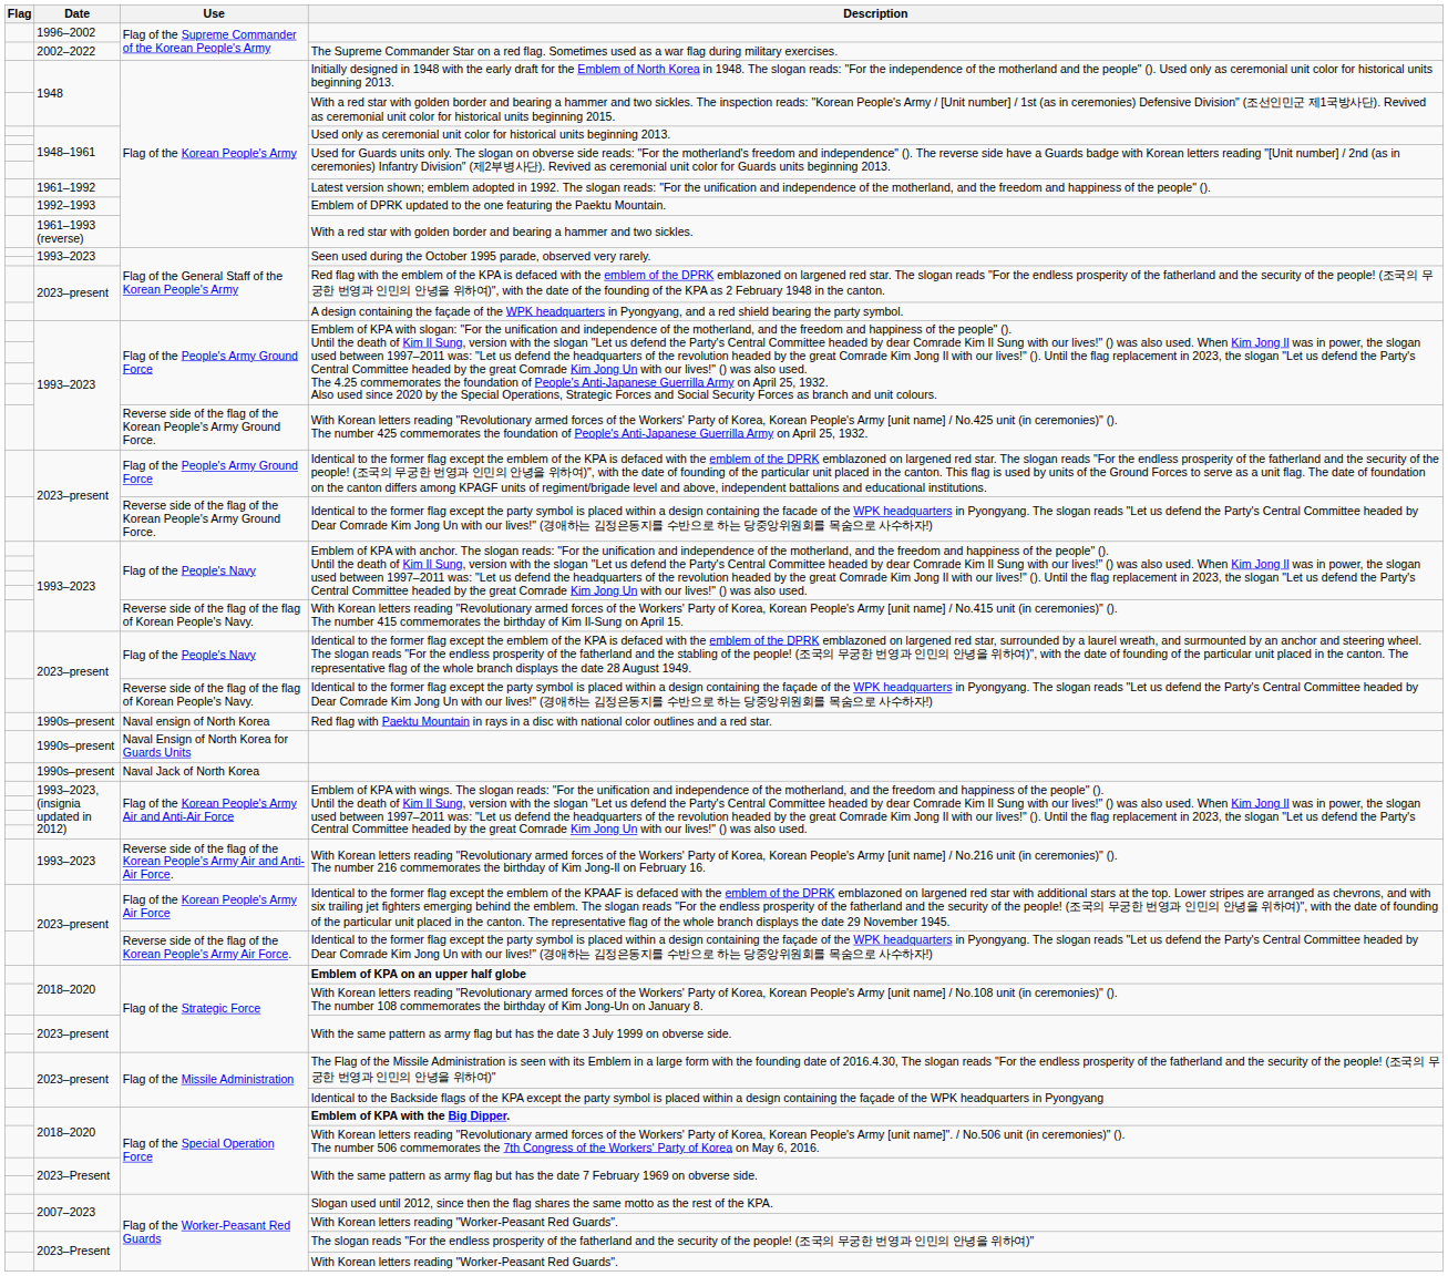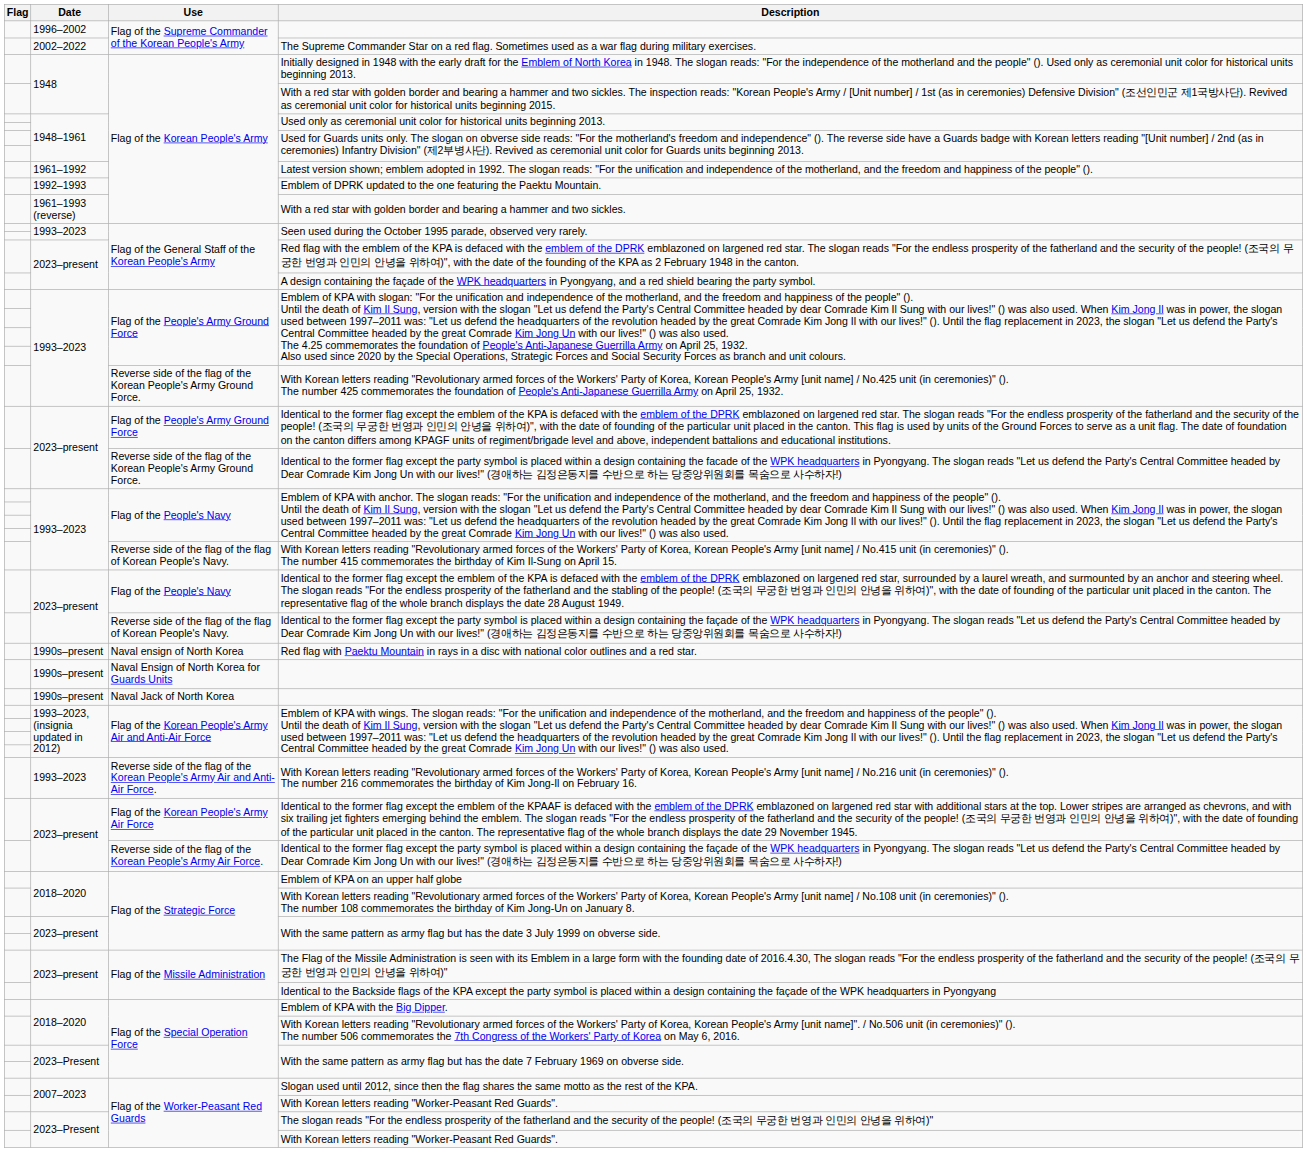 <table class="wikitable">
 <tr>
 <th>Flag</th>
 <th width="110px">Date</th>
 <th style="width:250px">Use</th>
 <th style="min-width:250px">Description</th>
 </tr>
 <tr>
 <td></td>
 <td>1996–2002</td>
 <td rowspan="2">Flag of the <a href='#'>Supreme Commander of the Korean People's Army</a></td>
 <td></td>
 </tr>
 <tr>
 <td></td>
 <td>2002–2022</td>
 <td>The Supreme Commander Star on a red flag. Sometimes used as a war flag during military exercises.</td>
 </tr>
 <tr>
 <td></td>
 <td rowspan="2">1948</td>
 <td rowspan="9">Flag of the <a href='#'>Korean People's Army</a></td>
 <td>Initially designed in 1948 with the early draft for the <a href='#'>Emblem of North Korea</a> in 1948. The slogan reads: "For the independence of the motherland and the people" (). Used only as ceremonial unit color for historical units beginning 2013.</td>
 </tr>
 <tr>
 <td></td>
 <td>With a red star with golden border and bearing a hammer and two sickles. The inspection reads: "Korean People's Army / [Unit number] / 1st (as in ceremonies) Defensive Division" (조선인민군 제1국방사단). Revived as ceremonial unit color for historical units beginning 2015.</td>
 </tr>
 <tr>
 <td></td>
 <td rowspan="4">1948–1961</td>
 <td rowspan="2">Used only as ceremonial unit color for historical units beginning 2013.</td>
 </tr>
 <tr>
 <td></td>
 </tr>
 <tr>
 <td></td>
 <td rowspan="2">Used for Guards units only. The slogan on obverse side reads: "For the motherland's freedom and independence" (). The reverse side have a Guards badge with Korean letters reading "[Unit number] / 2nd (as in ceremonies) Infantry Division" (제2부병사단). Revived as ceremonial unit color for Guards units beginning 2013.</td>
 </tr>
 <tr>
 <td></td>
 </tr>
 <tr>
 <td></td>
 <td>1961–1992</td>
 <td>Latest version shown; emblem adopted in 1992. The slogan reads: "For the unification and independence of the motherland, and the freedom and happiness of the people" ().</td>
 </tr>
 <tr>
 <td></td>
 <td>1992–1993</td>
 <td>Emblem of DPRK updated to the one featuring the Paektu Mountain.</td>
 </tr>
 <tr>
 <td></td>
 <td>1961–1993<br>(reverse)</td>
 <td>With a red star with golden border and bearing a hammer and two sickles.</td>
 </tr>
 <tr>
 <td></td>
 <td rowspan="2">1993–2023</td>
 <td rowspan="4">Flag of the General Staff of the <a href='#'>Korean People's Army</a></td>
 <td rowspan="2">Seen used during the October 1995 parade, observed very rarely.</td>
 </tr>
 <tr>
 <td></td>
 </tr>
 <tr>
 <td></td>
 <td rowspan="2">2023–present</td>
 <td>Red flag with the emblem of the KPA is defaced with the <a href='#'>emblem of the DPRK</a> emblazoned on largened red star. The slogan reads "For the endless prosperity of the fatherland and the security of the people! (조국의 무궁한 번영과 인민의 안녕을 위하여)", with the date of the founding of the KPA as 2 February 1948 in the canton.</td>
 </tr>
 <tr>
 <td></td>
 <td>A design containing the façade of the <a href='#'>WPK headquarters</a> in Pyongyang, and a red shield bearing the party symbol.</td>
 </tr>
 <tr>
 <td></td>
 <td rowspan="5">1993–2023</td>
 <td rowspan="4">Flag of the <a href='#'>People's Army Ground Force</a></td>
 <td rowspan="4">Emblem of KPA with slogan: "For the unification and independence of the motherland, and the freedom and happiness of the people" ().<br>Until the death of <a href='#'>Kim Il Sung</a>, version with the slogan "Let us defend the Party's Central Committee headed by dear Comrade Kim Il Sung with our lives!" () was also used. When <a href='#'>Kim Jong Il</a> was in power, the slogan used between 1997–2011 was: "Let us defend the headquarters of the revolution headed by the great Comrade Kim Jong Il with our lives!" (). Until the flag replacement in 2023, the slogan "Let us defend the Party's Central Committee headed by the great Comrade <a href='#'>Kim Jong Un</a> with our lives!" () was also used.<br>The 4.25 commemorates the foundation of <a href='#'>People's Anti-Japanese Guerrilla Army</a> on April 25, 1932.<br>Also used since 2020 by the Special Operations, Strategic Forces and Social Security Forces as branch and unit colours.</td>
 </tr>
 <tr>
 <td></td>
 </tr>
 <tr>
 <td></td>
 </tr>
 <tr>
 <td></td>
 </tr>
 <tr>
 <td></td>
 <td>Reverse side of the flag of the Korean People's Army Ground Force.</td>
 <td>With Korean letters reading "Revolutionary armed forces of the Workers' Party of Korea, Korean People's Army [unit name] / No.425 unit (in ceremonies)" ().<br>The number 425 commemorates the foundation of <a href='#'>People's Anti-Japanese Guerrilla Army</a> on April 25, 1932.</td>
 </tr>
 <tr>
 <td></td>
 <td rowspan="2">2023–present</td>
 <td>Flag of the <a href='#'>People's Army Ground Force</a></td>
 <td>Identical to the former flag except the emblem of the KPA is defaced with the <a href='#'>emblem of the DPRK</a> emblazoned on largened red star. The slogan reads "For the endless prosperity of the fatherland and the security of the people! (조국의 무궁한 번영과 인민의 안녕을 위하여)", with the date of founding of the particular unit placed in the canton. This flag is used by units of the Ground Forces to serve as a unit flag. The date of foundation on the canton differs among KPAGF units of regiment/brigade level and above, independent battalions and educational institutions.</td>
 </tr>
 <tr>
 <td></td>
 <td>Reverse side of the flag of the Korean People's Army Ground Force.</td>
 <td>Identical to the former flag except the party symbol is placed within a design containing the facade of the <a href='#'>WPK headquarters</a> in Pyongyang. The slogan reads "Let us defend the Party's Central Committee headed by Dear Comrade Kim Jong Un with our lives!" (경애하는 김정은동지를 수반으로 하는 당중앙위원회를 목숨으로 사수하자!)</td>
 </tr>
 <tr>
 <td></td>
 <td rowspan="5">1993–2023</td>
 <td rowspan="4">Flag of the <a href='#'>People's Navy</a></td>
 <td rowspan="4">Emblem of KPA with anchor. The slogan reads: "For the unification and independence of the motherland, and the freedom and happiness of the people" ().<br>Until the death of <a href='#'>Kim Il Sung</a>, version with the slogan "Let us defend the Party's Central Committee headed by dear Comrade Kim Il Sung with our lives!" () was also used. When <a href='#'>Kim Jong Il</a> was in power, the slogan used between 1997–2011 was: "Let us defend the headquarters of the revolution headed by the great Comrade Kim Jong Il with our lives!" (). Until the flag replacement in 2023, the slogan "Let us defend the Party's Central Committee headed by the great Comrade <a href='#'>Kim Jong Un</a> with our lives!" () was also used.</td>
 </tr>
 <tr>
 <td></td>
 </tr>
 <tr>
 <td></td>
 </tr>
 <tr>
 <td></td>
 </tr>
 <tr>
 <td></td>
 <td>Reverse side of the flag of the flag of Korean People's Navy.</td>
 <td>With Korean letters reading "Revolutionary armed forces of the Workers' Party of Korea, Korean People's Army [unit name] / No.415 unit (in ceremonies)" ().<br>The number 415 commemorates the birthday of Kim Il-Sung on April 15.</td>
 </tr>
 <tr>
 <td></td>
 <td rowspan="2">2023–present</td>
 <td>Flag of the <a href='#'>People's Navy</a></td>
 <td>Identical to the former flag except the emblem of the KPA is defaced with the <a href='#'>emblem of the DPRK</a> emblazoned on largened red star, surrounded by a laurel wreath, and surmounted by an anchor and steering wheel. The slogan reads "For the endless prosperity of the fatherland and the stabling of the people! (조국의 무궁한 번영과 인민의 안녕을 위하여)", with the date of founding of the particular unit placed in the canton. The representative flag of the whole branch displays the date 28 August 1949.</td>
 </tr>
 <tr>
 <td></td>
 <td>Reverse side of the flag of the flag of Korean People's Navy.</td>
 <td>Identical to the former flag except the party symbol is placed within a design containing the façade of the <a href='#'>WPK headquarters</a> in Pyongyang. The slogan reads "Let us defend the Party's Central Committee headed by Dear Comrade Kim Jong Un with our lives!" (경애하는 김정은동지를 수반으로 하는 당중앙위원회를 목숨으로 사수하자!)</td>
 </tr>
 <tr>
 <td></td>
 <td>1990s–present</td>
 <td>Naval ensign of North Korea</td>
 <td>Red flag with <a href='#'>Paektu Mountain</a> in rays in a disc with national color outlines and a red star.</td>
 </tr>
 <tr>
 <td></td>
 <td>1990s–present</td>
 <td>Naval Ensign of North Korea for <a href='#'>Guards Units</a></td>
 <td></td>
 </tr>
 <tr>
 <td></td>
 <td>1990s–present</td>
 <td>Naval Jack of North Korea</td>
 <td></td>
 </tr>
 <tr>
 <td></td>
 <td rowspan="4">1993–2023, (insignia updated in 2012)</td>
 <td rowspan="4">Flag of the <a href='#'>Korean People's Army Air and Anti-Air Force</a></td>
 <td rowspan="4">Emblem of KPA with wings. The slogan reads: "For the unification and independence of the motherland, and the freedom and happiness of the people" ().<br>Until the death of <a href='#'>Kim Il Sung</a>, version with the slogan "Let us defend the Party's Central Committee headed by dear Comrade Kim Il Sung with our lives!" () was also used. When <a href='#'>Kim Jong Il</a> was in power, the slogan used between 1997–2011 was: "Let us defend the headquarters of the revolution headed by the great Comrade Kim Jong Il with our lives!" (). Until the flag replacement in 2023, the slogan "Let us defend the Party's Central Committee headed by the great Comrade <a href='#'>Kim Jong Un</a> with our lives!" () was also used.</td>
 </tr>
 <tr>
 <td></td>
 </tr>
 <tr>
 <td></td>
 </tr>
 <tr>
 <td></td>
 </tr>
 <tr>
 <td></td>
 <td>1993–2023</td>
 <td>Reverse side of the flag of the <a href='#'>Korean People's Army Air and Anti-Air Force</a>.</td>
 <td>With Korean letters reading "Revolutionary armed forces of the Workers' Party of Korea, Korean People's Army [unit name] / No.216 unit (in ceremonies)" ().<br>The number 216 commemorates the birthday of Kim Jong-Il on February 16.</td>
 </tr>
 <tr>
 <td></td>
 <td rowspan="2">2023–present</td>
 <td>Flag of the <a href='#'>Korean People's Army Air Force</a></td>
 <td>Identical to the former flag except the emblem of the KPAAF is defaced with the <a href='#'>emblem of the DPRK</a> emblazoned on largened red star with additional stars at the top. Lower stripes are arranged as chevrons, and with six trailing jet fighters emerging behind the emblem. The slogan reads "For the endless prosperity of the fatherland and the security of the people! (조국의 무궁한 번영과 인민의 안녕을 위하여)", with the date of founding of the particular unit placed in the canton. The representative flag of the whole branch displays the date 29 November 1945.</td>
 </tr>
 <tr>
 <td></td>
 <td>Reverse side of the flag of the <a href='#'>Korean People's Army Air Force</a>.</td>
 <td>Identical to the former flag except the party symbol is placed within a design containing the façade of the <a href='#'>WPK headquarters</a> in Pyongyang. The slogan reads "Let us defend the Party's Central Committee headed by Dear Comrade Kim Jong Un with our lives!" (경애하는 김정은동지를 수반으로 하는 당중앙위원회를 목숨으로 사수하자!)</td>
 </tr>
 <tr>
 <td><br> </td>
 <td rowspan="2">2018–2020</td>
 <td rowspan="4">Flag of the <a href='#'>Strategic Force</a></td>
-<td><strong>Emblem of KPA on an upper half globe</strong></td>
+<td>Emblem of KPA on an upper half globe</td>
 </tr>
 <tr>
 <td><br> </td>
 <td>With Korean letters reading "Revolutionary armed forces of the Workers' Party of Korea, Korean People's Army [unit name] / No.108 unit (in ceremonies)" ().<br>The number 108 commemorates the birthday of Kim Jong-Un on January 8.</td>
 </tr>
 <tr>
 <td><br></td>
 <td rowspan="2">2023–present</td>
 <td rowspan="2">With the same pattern as army flag but has the date 3 July 1999 on obverse side.</td>
 </tr>
 <tr>
 <td><br></td>
 </tr>
 <tr>
 <td></td>
 <td rowspan="2">2023–present</td>
 <td rowspan="2">Flag of the <a href='#'>Missile Administration</a></td>
 <td>The Flag of the Missile Administration is seen with its Emblem in a large form with the founding date of 2016.4.30, The slogan reads "For the endless prosperity of the fatherland and the security of the people! (조국의 무궁한 번영과 인민의 안녕을 위하여)"</td>
 </tr>
 <tr>
 <td></td>
 <td>Identical to the Backside flags of the KPA except the party symbol is placed within a design containing the façade of the WPK headquarters in Pyongyang</td>
 </tr>
 <tr>
 <td><br> </td>
 <td rowspan="2">2018–2020</td>
 <td rowspan="4">Flag of the <a href='#'>Special Operation Force</a></td>
-<td><strong>Emblem of KPA with the <a href='#'>Big Dipper</a>.</strong></td>
+<td>Emblem of KPA with the <a href='#'>Big Dipper</a>.</td>
 </tr>
 <tr>
 <td><br> </td>
 <td>With Korean letters reading "Revolutionary armed forces of the Workers' Party of Korea, Korean People's Army [unit name]". / No.506 unit (in ceremonies)" ().<br>The number 506 commemorates the <a href='#'>7th Congress of the Workers' Party of Korea</a> on May 6, 2016.</td>
 </tr>
 <tr>
 <td><br></td>
 <td rowspan="2">2023–Present</td>
 <td rowspan="2">With the same pattern as army flag but has the date 7 February 1969 on obverse side.</td>
 </tr>
 <tr>
 <td><br></td>
 </tr>
 <tr>
 <td><br> </td>
 <td rowspan="2">2007–2023</td>
 <td rowspan="4">Flag of the <a href='#'>Worker-Peasant Red Guards</a></td>
 <td>Slogan used until 2012, since then the flag shares the same motto as the rest of the KPA.</td>
 </tr>
 <tr>
 <td><br> </td>
 <td>With Korean letters reading "Worker-Peasant Red Guards".</td>
 </tr>
 <tr>
 <td><br></td>
 <td rowspan="2">2023–Present</td>
 <td>The slogan reads "For the endless prosperity of the fatherland and the security of the people! (조국의 무궁한 번영과 인민의 안녕을 위하여)"</td>
 </tr>
 <tr>
 <td><br></td>
 <td>With Korean letters reading "Worker-Peasant Red Guards".</td>
 </tr>
 </table>
